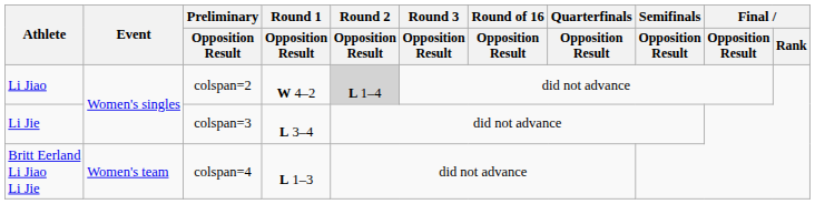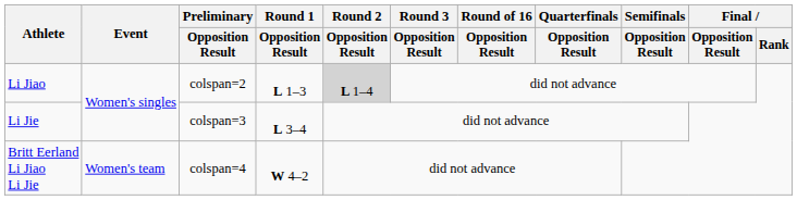 <table class="wikitable" style="font-size:90%;">
 <tr>
 <th rowspan=2>Athlete</th>
 <th rowspan=2>Event</th>
 <th>Preliminary</th>
 <th>Round 1</th>
 <th>Round 2</th>
 <th>Round 3</th>
 <th>Round of 16</th>
 <th>Quarterfinals</th>
 <th>Semifinals</th>
 <th colspan=2>Final / </th>
 </tr>
 <tr style="font-size:95%">
 <th>Opposition<br>Result</th>
 <th>Opposition<br>Result</th>
 <th>Opposition<br>Result</th>
 <th>Opposition<br>Result</th>
 <th>Opposition<br>Result</th>
 <th>Opposition<br>Result</th>
 <th>Opposition<br>Result</th>
 <th>Opposition<br>Result</th>
 <th>Rank</th>
 </tr>
 <tr align=center>
 <td align=left><a href='#'>Li Jiao</a></td>
 <td align=left rowspan=2><a href='#'>Women's singles</a></td>
 <td>colspan=2 </td>
-<td><br><strong>W</strong> 4–2</td>
+<td><br><strong>L</strong> 1–3</td>
 <td style="background: lightgrey;"><br><strong>L </strong> 1–4</td>
 <td colspan=5>did not advance</td>
 </tr>
 <tr align=center>
 <td align=left><a href='#'>Li Jie</a></td>
 <td>colspan=3 </td>
 <td><br><strong>L</strong> 3–4</td>
 <td colspan=5>did not advance</td>
 </tr>
 <tr align=center>
 <td align=left><a href='#'>Britt Eerland</a><br><a href='#'>Li Jiao</a><br><a href='#'>Li Jie</a></td>
 <td align=left><a href='#'>Women's team</a></td>
 <td>colspan=4 </td>
-<td><br><strong>L</strong> 1–3</td>
+<td><br><strong>W</strong> 4–2</td>
 <td colspan=4>did not advance</td>
 </tr>
 </table>
